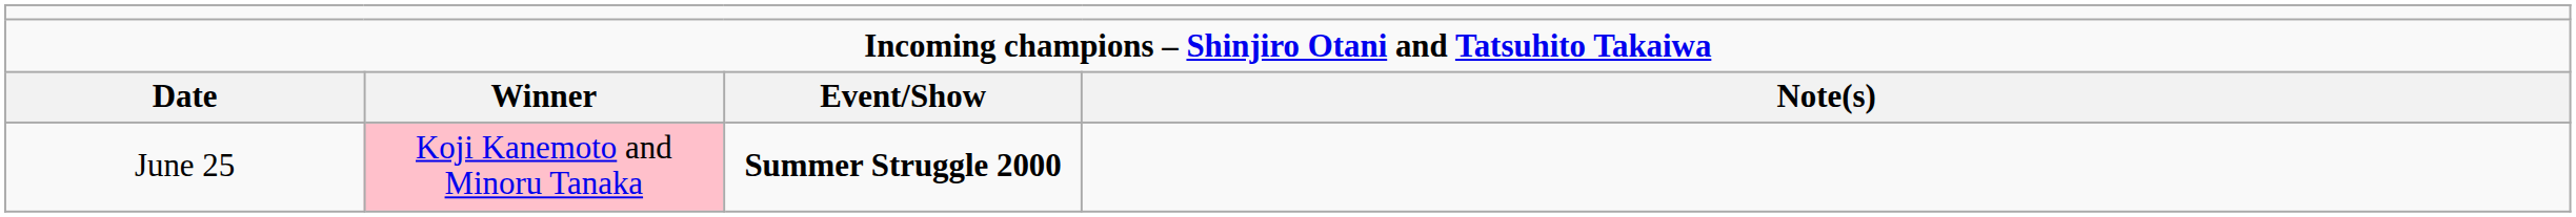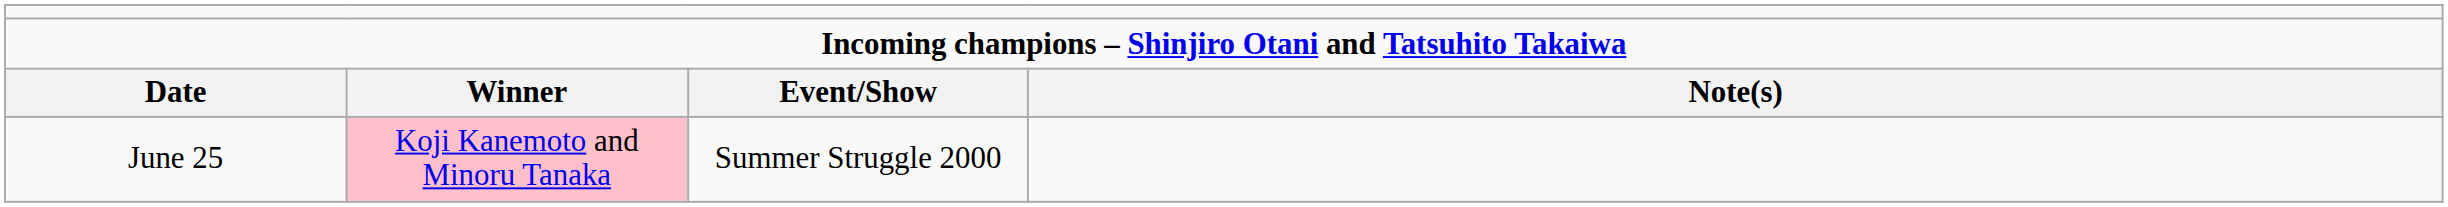 <table class="wikitable" style="text-align:center; width:100%;">
 <tr>
 <td colspan="5"></td>
 </tr>
 <tr>
 <td colspan="5"><strong>Incoming champions – <a href='#'>Shinjiro Otani</a> and <a href='#'>Tatsuhito Takaiwa</a></strong></td>
 </tr>
 <tr>
 <th width=14%>Date</th>
 <th width=14%>Winner</th>
 <th width=14%>Event/Show</th>
 <th width=58%>Note(s)</th>
 </tr>
 <tr>
 <td>June 25</td>
 <td style="background: pink;"><a href='#'>Koji Kanemoto</a> and <a href='#'>Minoru Tanaka</a></td>
-<td><strong>Summer Struggle 2000</strong></td>
+<td>Summer Struggle 2000</td>
 <td align="left"></td>
 </tr>
 </table>
